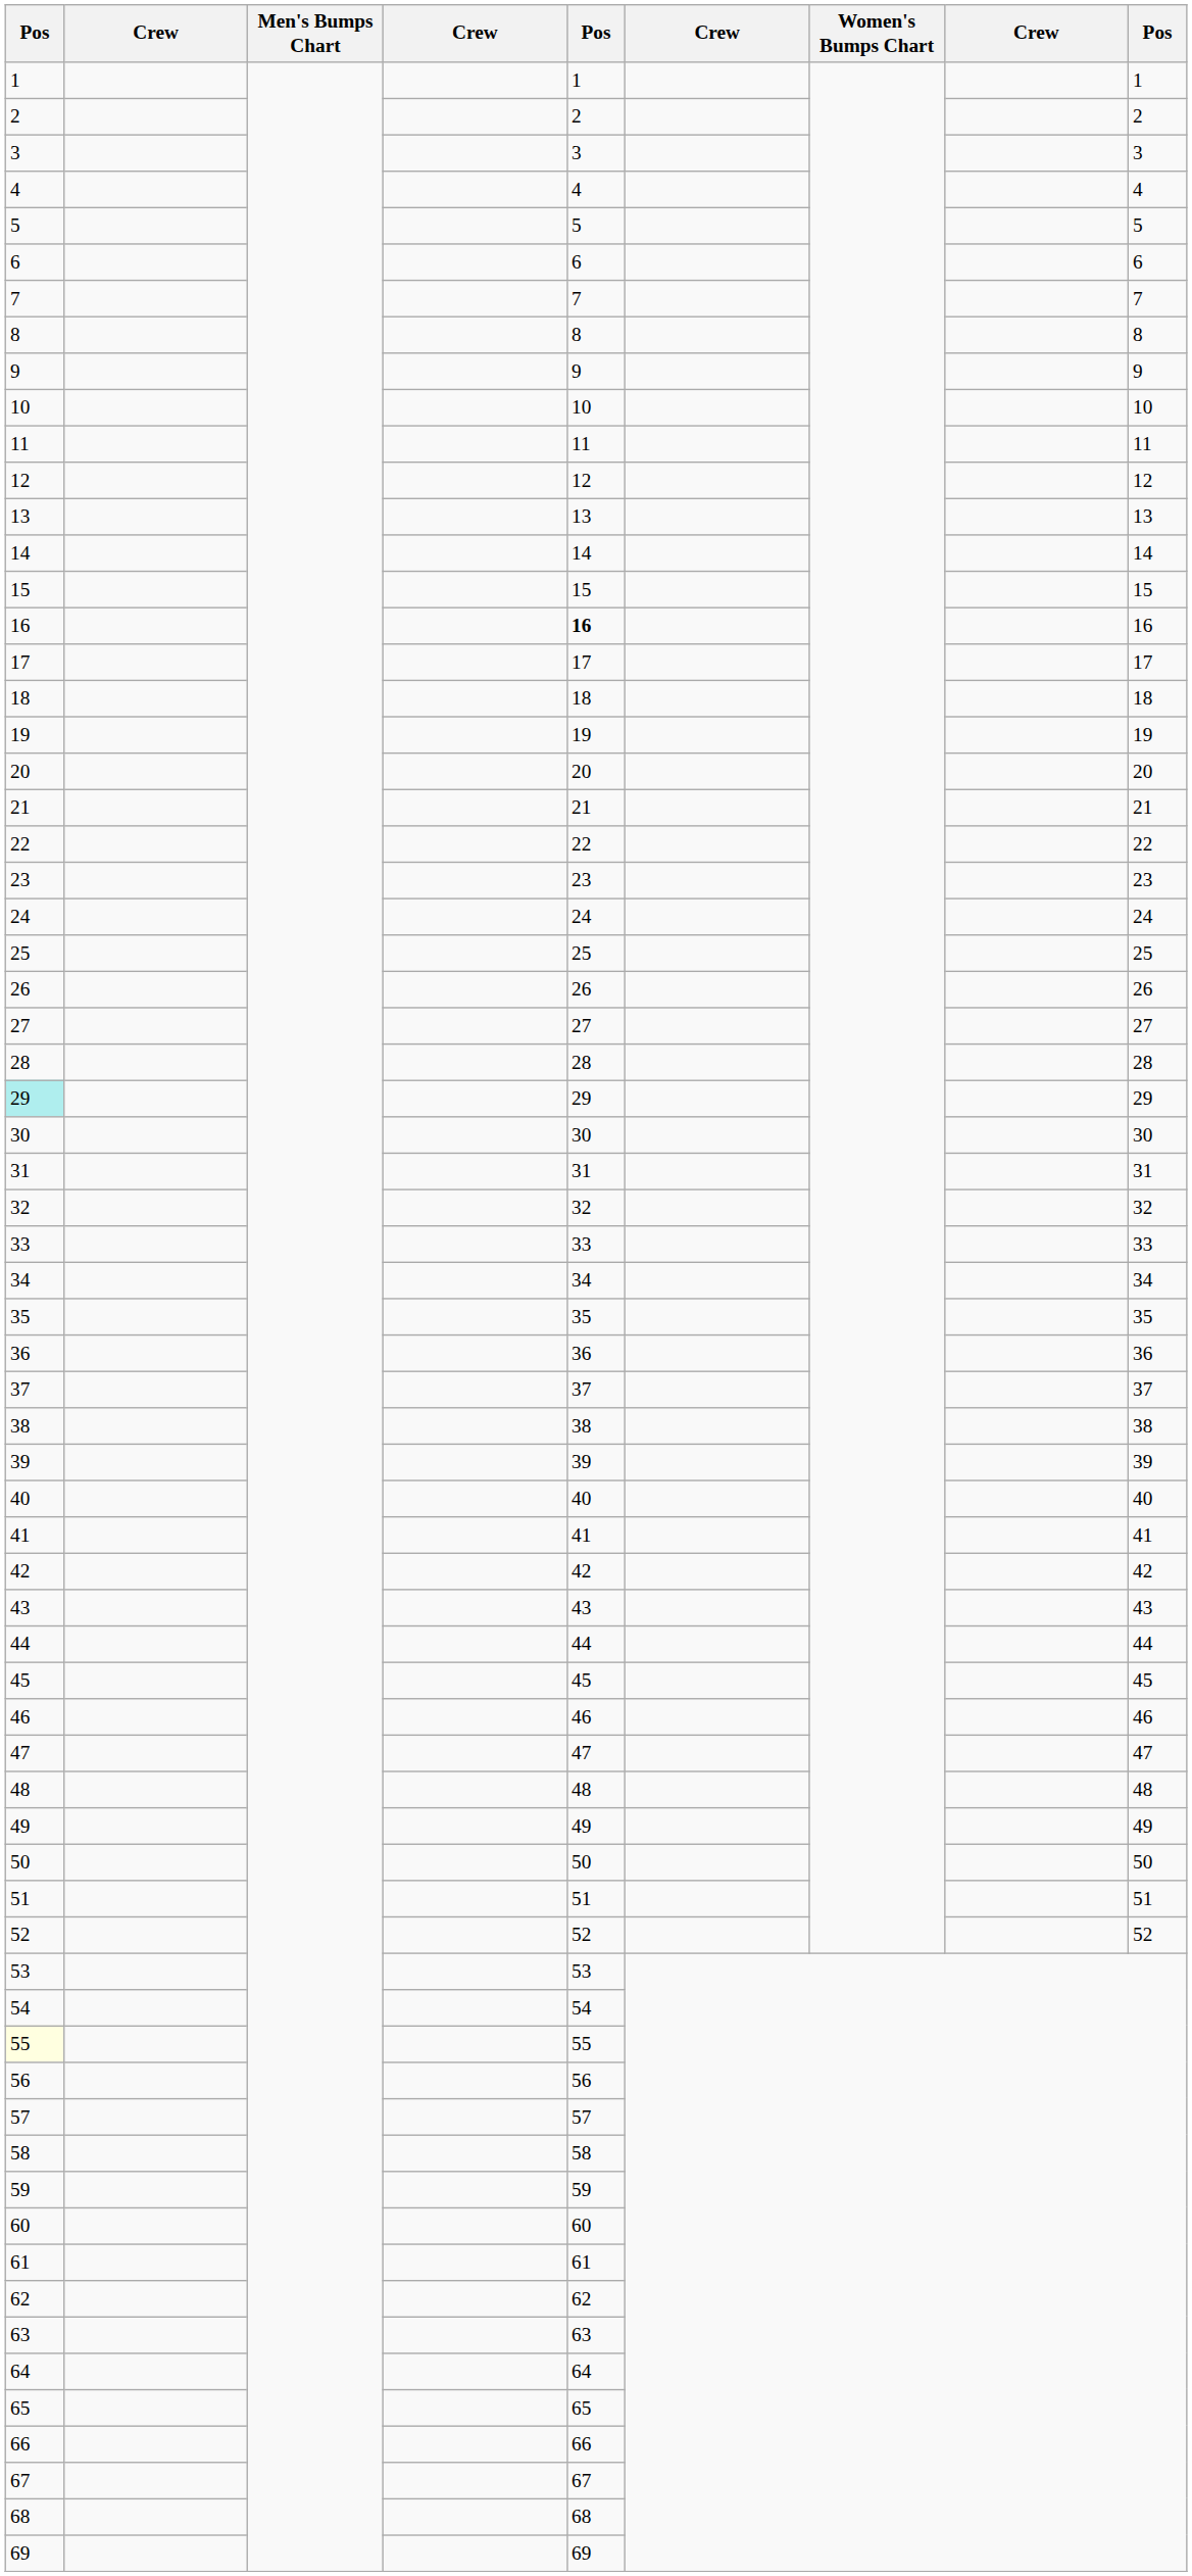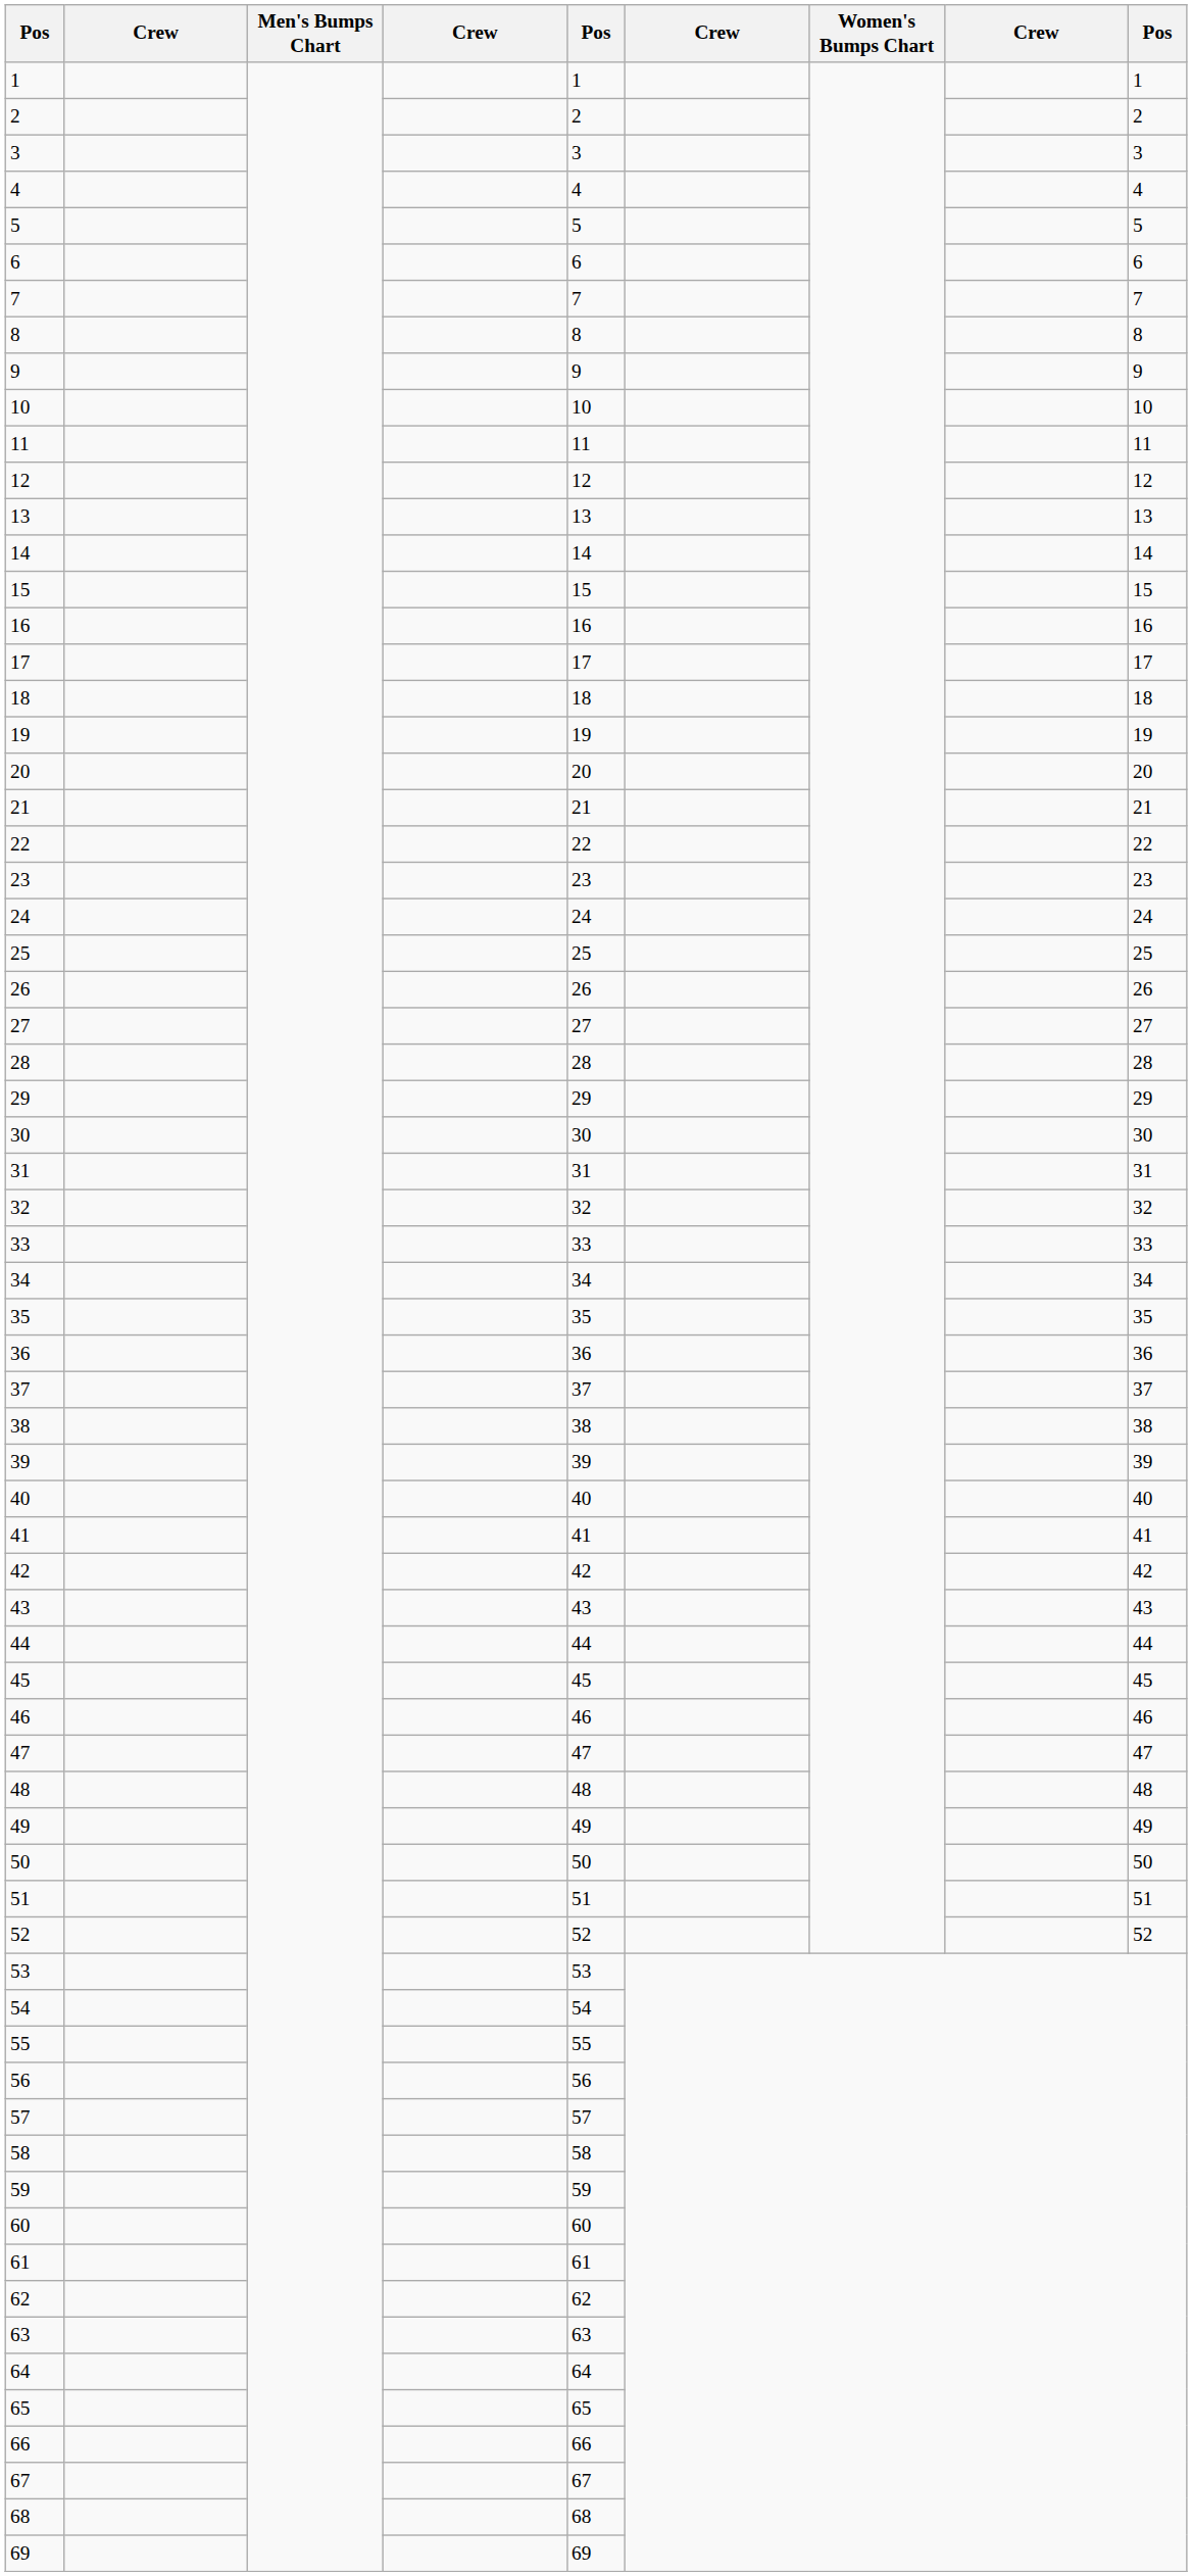 <table class="wikitable" style="font-size:88%; white-space:nowrap; margin:0.5em auto">
 <tr style="white-space:normal">
 <th width=35>Pos</th>
 <th width=125>Crew</th>
 <th width=90>Men's Bumps Chart</th>
 <th width=125>Crew</th>
 <th width=35>Pos</th>
 <th width=125>Crew</th>
 <th width=90>Women's Bumps Chart</th>
 <th width=125>Crew</th>
 <th width=35>Pos</th>
 </tr>
 <tr style="height:26px">
 <td>1</td>
 <td></td>
 <td rowspan="69" style="padding:0"></td>
 <td></td>
 <td>1</td>
 <td></td>
 <td rowspan="52"  style="padding:0"></td>
 <td></td>
 <td>1</td>
 </tr>
 <tr style="height:26px">
 <td>2</td>
 <td></td>
 <td></td>
 <td>2</td>
 <td></td>
 <td></td>
 <td>2</td>
 </tr>
 <tr style="height:26px">
 <td>3</td>
 <td></td>
 <td></td>
 <td>3</td>
 <td></td>
 <td></td>
 <td>3</td>
 </tr>
 <tr style="height:26px">
 <td>4</td>
 <td></td>
 <td></td>
 <td>4</td>
 <td></td>
 <td></td>
 <td>4</td>
 </tr>
 <tr style="height:26px">
 <td>5</td>
 <td></td>
 <td></td>
 <td>5</td>
 <td></td>
 <td></td>
 <td>5</td>
 </tr>
 <tr style="height:26px">
 <td>6</td>
 <td></td>
 <td></td>
 <td>6</td>
 <td></td>
 <td></td>
 <td>6</td>
 </tr>
 <tr style="height:26px">
 <td>7</td>
 <td></td>
 <td></td>
 <td>7</td>
 <td></td>
 <td></td>
 <td>7</td>
 </tr>
 <tr style="height:26px">
 <td>8</td>
 <td></td>
 <td></td>
 <td>8</td>
 <td></td>
 <td></td>
 <td>8</td>
 </tr>
 <tr style="height:26px">
 <td>9</td>
 <td></td>
 <td></td>
 <td>9</td>
 <td></td>
 <td></td>
 <td>9</td>
 </tr>
 <tr style="height:26px">
 <td>10</td>
 <td></td>
 <td></td>
 <td>10</td>
 <td></td>
 <td></td>
 <td>10</td>
 </tr>
 <tr style="height:26px">
 <td>11</td>
 <td></td>
 <td></td>
 <td>11</td>
 <td></td>
 <td></td>
 <td>11</td>
 </tr>
 <tr style="height:26px">
 <td>12</td>
 <td></td>
 <td></td>
 <td>12</td>
 <td></td>
 <td></td>
 <td>12</td>
 </tr>
 <tr style="height:26px">
 <td>13</td>
 <td></td>
 <td></td>
 <td>13</td>
 <td></td>
 <td></td>
 <td>13</td>
 </tr>
 <tr style="height:26px">
 <td>14</td>
 <td></td>
 <td></td>
 <td>14</td>
 <td></td>
 <td></td>
 <td>14</td>
 </tr>
 <tr style="height:26px">
 <td>15</td>
 <td></td>
 <td></td>
 <td>15</td>
 <td></td>
 <td></td>
 <td>15</td>
 </tr>
 <tr style="height:26px">
 <td>16</td>
 <td></td>
 <td></td>
-<td><strong>16</strong></td>
+<td>16</td>
 <td></td>
 <td></td>
 <td>16</td>
 </tr>
 <tr style="height:26px">
 <td>17</td>
 <td></td>
 <td></td>
 <td>17</td>
 <td></td>
 <td></td>
 <td>17</td>
 </tr>
 <tr style="height:26px">
 <td>18</td>
 <td></td>
 <td></td>
 <td>18</td>
 <td></td>
 <td></td>
 <td>18</td>
 </tr>
 <tr style="height:26px">
 <td>19</td>
 <td></td>
 <td></td>
 <td>19</td>
 <td></td>
 <td></td>
 <td>19</td>
 </tr>
 <tr style="height:26px">
 <td>20</td>
 <td></td>
 <td></td>
 <td>20</td>
 <td></td>
 <td></td>
 <td>20</td>
 </tr>
 <tr style="height:26px">
 <td>21</td>
 <td></td>
 <td></td>
 <td>21</td>
 <td></td>
 <td></td>
 <td>21</td>
 </tr>
 <tr style="height:26px">
 <td>22</td>
 <td></td>
 <td></td>
 <td>22</td>
 <td></td>
 <td></td>
 <td>22</td>
 </tr>
 <tr style="height:26px">
 <td>23</td>
 <td></td>
 <td></td>
 <td>23</td>
 <td></td>
 <td></td>
 <td>23</td>
 </tr>
 <tr style="height:26px">
 <td>24</td>
 <td></td>
 <td></td>
 <td>24</td>
 <td></td>
 <td></td>
 <td>24</td>
 </tr>
 <tr style="height:26px">
 <td>25</td>
 <td></td>
 <td></td>
 <td>25</td>
 <td></td>
 <td></td>
 <td>25</td>
 </tr>
 <tr style="height:26px">
 <td>26</td>
 <td></td>
 <td></td>
 <td>26</td>
 <td></td>
 <td></td>
 <td>26</td>
 </tr>
 <tr style="height:26px">
 <td>27</td>
 <td></td>
 <td></td>
 <td>27</td>
 <td></td>
 <td></td>
 <td>27</td>
 </tr>
 <tr style="height:26px">
 <td>28</td>
 <td></td>
 <td></td>
 <td>28</td>
 <td></td>
 <td></td>
 <td>28</td>
 </tr>
 <tr style="height:26px">
-<td style="background: paleturquoise;">29</td>
+<td>29</td>
 <td></td>
 <td></td>
 <td>29</td>
 <td></td>
 <td></td>
 <td>29</td>
 </tr>
 <tr style="height:26px">
 <td>30</td>
 <td></td>
 <td></td>
 <td>30</td>
 <td></td>
 <td></td>
 <td>30</td>
 </tr>
 <tr style="height:26px">
 <td>31</td>
 <td></td>
 <td></td>
 <td>31</td>
 <td></td>
 <td></td>
 <td>31</td>
 </tr>
 <tr style="height:26px">
 <td>32</td>
 <td></td>
 <td></td>
 <td>32</td>
 <td></td>
 <td></td>
 <td>32</td>
 </tr>
 <tr style="height:26px">
 <td>33</td>
 <td></td>
 <td></td>
 <td>33</td>
 <td></td>
 <td></td>
 <td>33</td>
 </tr>
 <tr style="height:26px">
 <td>34</td>
 <td></td>
 <td></td>
 <td>34</td>
 <td></td>
 <td></td>
 <td>34</td>
 </tr>
 <tr style="height:26px">
 <td>35</td>
 <td></td>
 <td></td>
 <td>35</td>
 <td></td>
 <td></td>
 <td>35</td>
 </tr>
 <tr style="height:26px">
 <td>36</td>
 <td></td>
 <td></td>
 <td>36</td>
 <td></td>
 <td></td>
 <td>36</td>
 </tr>
 <tr style="height:26px">
 <td>37</td>
 <td></td>
 <td></td>
 <td>37</td>
 <td></td>
 <td></td>
 <td>37</td>
 </tr>
 <tr style="height:26px">
 <td>38</td>
 <td></td>
 <td></td>
 <td>38</td>
 <td></td>
 <td></td>
 <td>38</td>
 </tr>
 <tr style="height:26px">
 <td>39</td>
 <td></td>
 <td></td>
 <td>39</td>
 <td></td>
 <td></td>
 <td>39</td>
 </tr>
 <tr style="height:26px">
 <td>40</td>
 <td></td>
 <td></td>
 <td>40</td>
 <td></td>
 <td></td>
 <td>40</td>
 </tr>
 <tr style="height:26px">
 <td>41</td>
 <td></td>
 <td></td>
 <td>41</td>
 <td></td>
 <td></td>
 <td>41</td>
 </tr>
 <tr style="height:26px">
 <td>42</td>
 <td></td>
 <td></td>
 <td>42</td>
 <td></td>
 <td></td>
 <td>42</td>
 </tr>
 <tr style="height:26px">
 <td>43</td>
 <td></td>
 <td></td>
 <td>43</td>
 <td></td>
 <td></td>
 <td>43</td>
 </tr>
 <tr style="height:26px">
 <td>44</td>
 <td></td>
 <td></td>
 <td>44</td>
 <td></td>
 <td></td>
 <td>44</td>
 </tr>
 <tr style="height:26px">
 <td>45</td>
 <td></td>
 <td></td>
 <td>45</td>
 <td></td>
 <td></td>
 <td>45</td>
 </tr>
 <tr style="height:26px">
 <td>46</td>
 <td></td>
 <td></td>
 <td>46</td>
 <td></td>
 <td></td>
 <td>46</td>
 </tr>
 <tr style="height:26px">
 <td>47</td>
 <td></td>
 <td></td>
 <td>47</td>
 <td></td>
 <td></td>
 <td>47</td>
 </tr>
 <tr style="height:26px">
 <td>48</td>
 <td></td>
 <td></td>
 <td>48</td>
 <td></td>
 <td></td>
 <td>48</td>
 </tr>
 <tr style="height:26px">
 <td>49</td>
 <td></td>
 <td></td>
 <td>49</td>
 <td></td>
 <td></td>
 <td>49</td>
 </tr>
 <tr style="height:26px">
 <td>50</td>
 <td></td>
 <td></td>
 <td>50</td>
 <td></td>
 <td></td>
 <td>50</td>
 </tr>
 <tr style="height:26px">
 <td>51</td>
 <td></td>
 <td></td>
 <td>51</td>
 <td></td>
 <td></td>
 <td>51</td>
 </tr>
 <tr style="height:26px">
 <td>52</td>
 <td></td>
 <td></td>
 <td>52</td>
 <td></td>
 <td></td>
 <td>52</td>
 </tr>
 <tr style="height:26px">
 <td>53</td>
 <td></td>
 <td></td>
 <td>53</td>
 <td colspan="4" rowspan="17"> </td>
 </tr>
 <tr style="height:26px">
 <td>54</td>
 <td></td>
 <td></td>
 <td>54</td>
 </tr>
 <tr style="height:26px">
-<td style="background: lightyellow;">55</td>
+<td>55</td>
 <td></td>
 <td></td>
 <td>55</td>
 </tr>
 <tr style="height:26px">
 <td>56</td>
 <td></td>
 <td></td>
 <td>56</td>
 </tr>
 <tr style="height:26px">
 <td>57</td>
 <td></td>
 <td></td>
 <td>57</td>
 </tr>
 <tr style="height:26px">
 <td>58</td>
 <td></td>
 <td></td>
 <td>58</td>
 </tr>
 <tr style="height:26px">
 <td>59</td>
 <td></td>
 <td></td>
 <td>59</td>
 </tr>
 <tr style="height:26px">
 <td>60</td>
 <td></td>
 <td></td>
 <td>60</td>
 </tr>
 <tr style="height:26px">
 <td>61</td>
 <td></td>
 <td></td>
 <td>61</td>
 </tr>
 <tr style="height:26px">
 <td>62</td>
 <td></td>
 <td></td>
 <td>62</td>
 </tr>
 <tr style="height:26px">
 <td>63</td>
 <td></td>
 <td></td>
 <td>63</td>
 </tr>
 <tr style="height:26px">
 <td>64</td>
 <td></td>
 <td></td>
 <td>64</td>
 </tr>
 <tr style="height:26px">
 <td>65</td>
 <td></td>
 <td></td>
 <td>65</td>
 </tr>
 <tr style="height:26px">
 <td>66</td>
 <td></td>
 <td></td>
 <td>66</td>
 </tr>
 <tr style="height:26px">
 <td>67</td>
 <td></td>
 <td></td>
 <td>67</td>
 </tr>
 <tr style="height:26px">
 <td>68</td>
 <td></td>
 <td></td>
 <td>68</td>
 </tr>
 <tr style="height:26px">
 <td>69</td>
 <td></td>
 <td></td>
 <td>69</td>
 </tr>
 <tr>
 </tr>
 </table>
